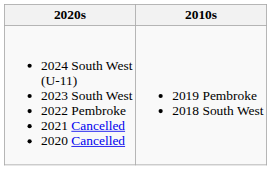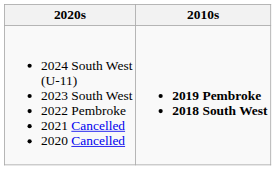 <table class="wikitable">
 <tr>
 <th>2020s</th>
 <th>2010s</th>
 </tr>
 <tr>
 <td><br><ul><li>2024	South West<br>(U-11)</li><li>2023	South West</li><li>2022	Pembroke</li><li>2021	<a href='#'>Cancelled</a></li><li>2020	<a href='#'>Cancelled</a></li></ul></td>
-<td><br><ul><li>2019	Pembroke</li><li>2018	South West</li></ul></td>
+<td><strong><br><ul><li>2019	Pembroke</li><li>2018	South West</li></ul></strong></td>
 </tr>
 </table>
